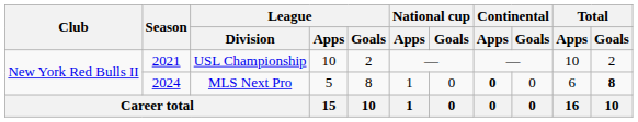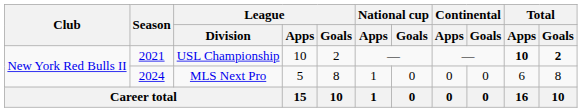 <table class=wikitable style=text-align:center>
 <tr>
 <th rowspan=2>Club</th>
 <th rowspan=2>Season</th>
 <th colspan=3>League</th>
 <th colspan=2>National cup</th>
 <th colspan=2>Continental</th>
 <th colspan=2>Total</th>
 </tr>
 <tr>
 <th>Division</th>
 <th>Apps</th>
 <th>Goals</th>
 <th>Apps</th>
 <th>Goals</th>
 <th>Apps</th>
 <th>Goals</th>
 <th>Apps</th>
 <th>Goals</th>
 </tr>
 <tr>
 <td rowspan=2><a href='#'>New York Red Bulls II</a></td>
 <td><a href='#'>2021</a></td>
 <td><a href='#'>USL Championship</a></td>
 <td>10</td>
 <td>2</td>
 <td colspan=2>—</td>
 <td colspan=2>—</td>
-<td>10</td>
-<td>2</td>
+<td><strong>10</strong></td>
+<td><strong>2</strong></td>
 </tr>
 <tr>
 <td><a href='#'>2024</a></td>
 <td><a href='#'>MLS Next Pro</a></td>
 <td>5</td>
 <td>8</td>
 <td>1</td>
 <td>0</td>
-<td><strong>0</strong></td>
+<td>0</td>
 <td>0</td>
 <td>6</td>
-<td><strong>8</strong></td>
+<td>8</td>
 </tr>
 <tr>
 <th colspan=3>Career total</th>
 <th>15</th>
 <th>10</th>
 <th>1</th>
 <th>0</th>
 <th>0</th>
 <th>0</th>
 <th>16</th>
 <th>10</th>
 </tr>
 </table>
